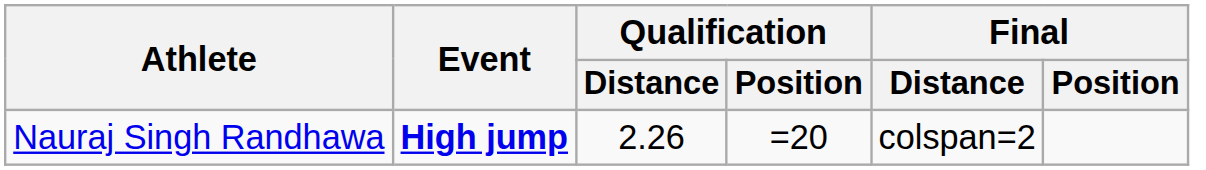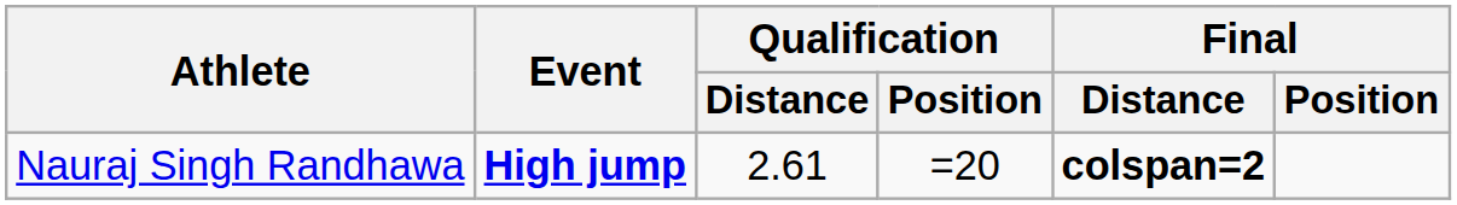 <table class=wikitable style="font-size:90%">
 <tr>
 <th rowspan="2">Athlete</th>
 <th rowspan="2">Event</th>
 <th colspan="2">Qualification</th>
 <th colspan="2">Final</th>
 </tr>
 <tr style="font-size:95%">
 <th>Distance</th>
 <th>Position</th>
 <th>Distance</th>
 <th>Position</th>
 </tr>
 <tr style=text-align:center>
 <td style=text-align:left><a href='#'>Nauraj Singh Randhawa</a></td>
 <td style=text-align:left><strong><a href='#'>High jump</a></strong></td>
-<td>2.26</td>
+<td>2.61</td>
 <td>=20</td>
-<td>colspan=2 </td>
+<td><strong>colspan=2 </strong></td>
 </tr>
 </table>
